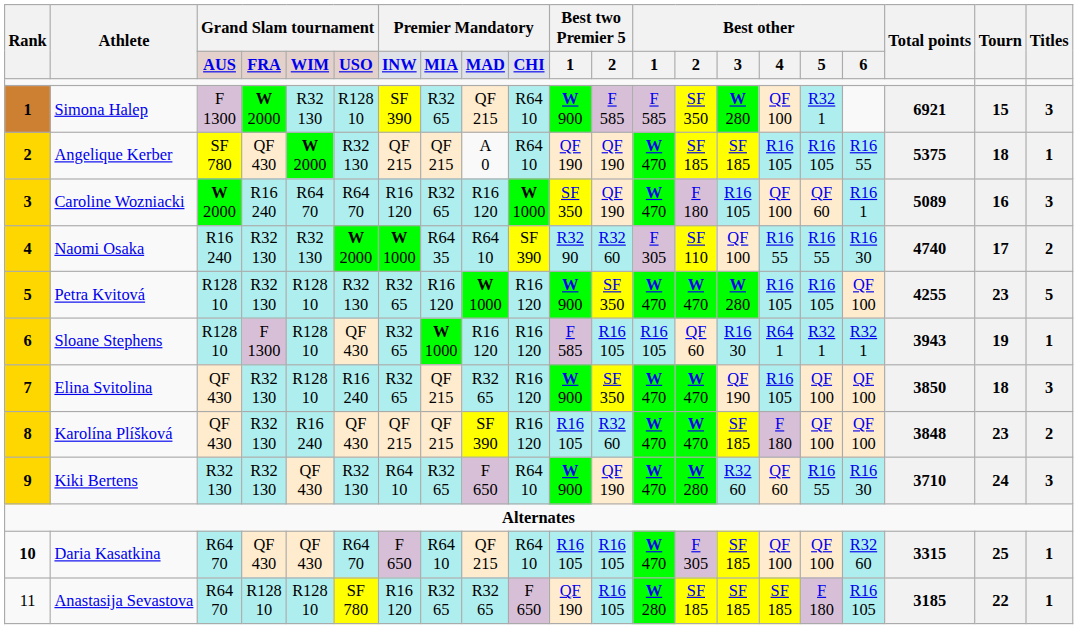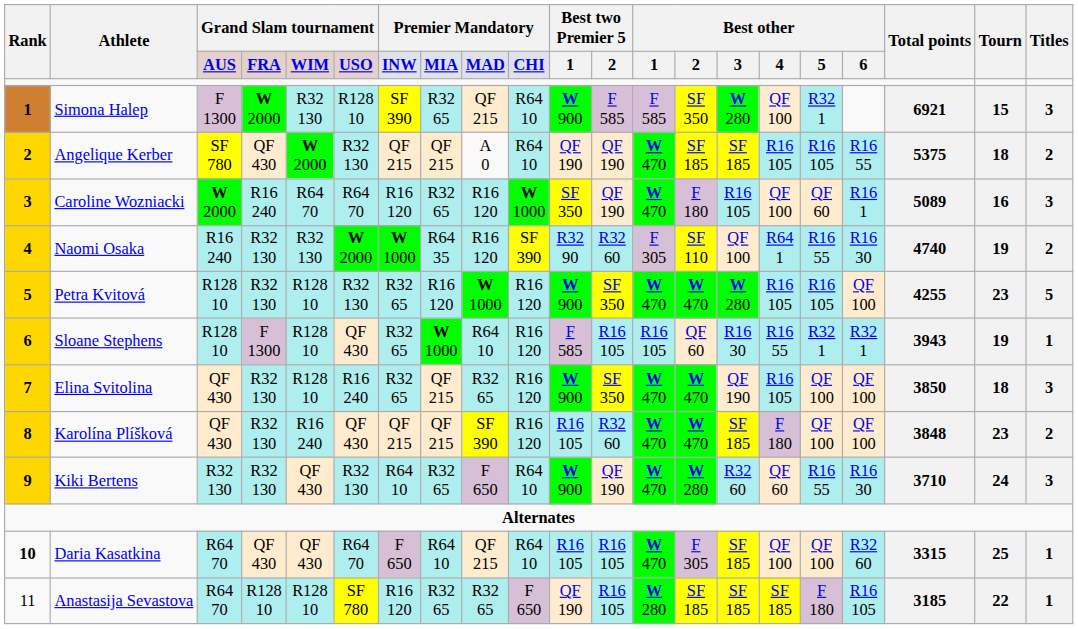 <table class=wikitable style=font-size:90%;text-align:center>
 <tr>
 <th rowspan=2>Rank</th>
 <th rowspan=2>Athlete</th>
 <th colspan=4>Grand Slam tournament</th>
 <th colspan=4>Premier Mandatory</th>
 <th colspan=2>Best two Premier 5</th>
 <th colspan="6">Best other</th>
 <th rowspan=2>Total points</th>
 <th rowspan=2>Tourn</th>
 <th rowspan=2>Titles</th>
 </tr>
 <tr>
 <td style="background:#e5d1cb;"><strong><a href='#'>AUS</a></strong></td>
 <td style="background:#e5d1cb;"><strong><a href='#'>FRA</a></strong></td>
 <td style="background:#e5d1cb;"><strong><a href='#'>WIM</a></strong></td>
 <td style="background:#e5d1cb;"><strong><a href='#'>USO</a></strong></td>
 <td style="background:#dfe2e9;"><strong><a href='#'>INW</a></strong></td>
 <td style="background:#dfe2e9;"><strong><a href='#'>MIA</a></strong></td>
 <td style="background:#dfe2e9;"><strong><a href='#'>MAD</a></strong></td>
 <td style="background:#dfe2e9;"><strong><a href='#'>CHI</a></strong></td>
 <th width=30>1</th>
 <th width=30>2</th>
 <th width=30>1</th>
 <th width=30>2</th>
 <th width=30>3</th>
 <th width=30>4</th>
 <th width=30>5</th>
 <th width=30>6</th>
 </tr>
 <tr>
 <td colspan="19"></td>
 <td></td>
 <td></td>
 </tr>
 <tr>
 <td style="background:#cd7f32;"><strong>1</strong></td>
 <td align="left"> <a href='#'>Simona Halep</a></td>
 <td style="background:thistle;">F<br>1300</td>
 <td bgcolor=lime><strong>W</strong><br>2000</td>
 <td bgcolor=afeeee>R32<br>130</td>
 <td bgcolor=afeeee>R128<br>10</td>
 <td style="background:yellow;">SF<br>390</td>
 <td bgcolor=afeeee>R32<br>65</td>
 <td bgcolor=ffebcd>QF<br>215</td>
 <td bgcolor=afeeee>R64<br>10</td>
 <td bgcolor=lime><strong><a href='#'>W</a></strong><br>900</td>
 <td style="background:thistle;"><a href='#'>F</a><br>585</td>
 <td style="background:thistle;"><a href='#'>F</a><br>585</td>
 <td style="background:yellow;"><a href='#'>SF</a><br>350</td>
 <td bgcolor=lime><strong><a href='#'>W</a></strong><br>280</td>
 <td bgcolor=ffebcd><a href='#'>QF</a><br>100</td>
 <td bgcolor=afeeee><a href='#'>R32</a><br>1</td>
 <td></td>
 <th>6921</th>
 <th>15</th>
 <th>3</th>
 </tr>
 <tr>
 <td bgcolor=gold><strong>2</strong></td>
 <td align="left"> <a href='#'>Angelique Kerber</a></td>
 <td style="background:yellow;">SF<br>780</td>
 <td bgcolor=ffebcd>QF<br>430</td>
 <td bgcolor=lime><strong>W</strong><br>2000</td>
 <td bgcolor=afeeee>R32<br>130</td>
 <td bgcolor=ffebcd>QF<br>215</td>
 <td bgcolor=ffebcd>QF<br>215</td>
 <td>A<br>0</td>
 <td bgcolor=afeeee>R64<br>10</td>
 <td bgcolor=ffebcd><a href='#'>QF</a><br>190</td>
 <td bgcolor=ffebcd><a href='#'>QF</a><br>190</td>
 <td bgcolor=lime><strong><a href='#'>W</a></strong><br>470</td>
 <td style="background:yellow;"><a href='#'>SF</a><br>185</td>
 <td style="background:yellow;"><a href='#'>SF</a><br>185</td>
 <td bgcolor=afeeee><a href='#'>R16</a><br>105</td>
 <td bgcolor=afeeee><a href='#'>R16</a><br>105</td>
 <td bgcolor=afeeee><a href='#'>R16</a><br>55</td>
 <th>5375</th>
 <th>18</th>
-<th>1</th>
+<th>2</th>
 </tr>
 <tr>
 <td bgcolor=gold><strong>3</strong></td>
 <td align="left"> <a href='#'>Caroline Wozniacki</a></td>
 <td bgcolor=lime><strong>W</strong><br>2000</td>
 <td bgcolor=afeeee>R16<br>240</td>
 <td bgcolor=afeeee>R64<br>70</td>
 <td bgcolor=afeeee>R64<br>70</td>
 <td bgcolor=afeeee>R16<br>120</td>
 <td bgcolor=afeeee>R32<br>65</td>
 <td bgcolor=afeeee>R16<br>120</td>
 <td bgcolor=lime><strong>W</strong><br>1000</td>
 <td style="background:yellow;"><a href='#'>SF</a><br>350</td>
 <td bgcolor=ffebcd><a href='#'>QF</a><br>190</td>
 <td bgcolor=lime><strong><a href='#'>W</a></strong><br>470</td>
 <td style="background:thistle;"><a href='#'>F</a><br>180</td>
 <td bgcolor=afeeee><a href='#'>R16</a><br>105</td>
 <td bgcolor=ffebcd><a href='#'>QF</a><br>100</td>
 <td bgcolor=ffebcd><a href='#'>QF</a><br>60</td>
 <td bgcolor=afeeee><a href='#'>R16</a><br>1</td>
 <th>5089</th>
 <th>16</th>
 <th>3</th>
 </tr>
 <tr>
 <td bgcolor=gold><strong>4</strong></td>
 <td align="left"> <a href='#'>Naomi Osaka</a></td>
 <td bgcolor=afeeee>R16<br>240</td>
 <td bgcolor=afeeee>R32<br>130</td>
 <td bgcolor=afeeee>R32<br>130</td>
 <td bgcolor=lime><strong>W</strong><br>2000</td>
 <td bgcolor=lime><strong>W</strong><br>1000</td>
 <td bgcolor=afeeee>R64<br>35</td>
-<td bgcolor=afeeee>R64<br>10</td>
+<td bgcolor=afeeee>R16<br>120</td>
 <td style="background:yellow;">SF<br>390</td>
 <td bgcolor=afeeee><a href='#'>R32</a><br>90</td>
 <td bgcolor=afeeee><a href='#'>R32</a><br>60</td>
 <td style="background:thistle;"><a href='#'>F</a><br>305</td>
 <td style="background:yellow;"><a href='#'>SF</a><br>110</td>
 <td bgcolor=ffebcd><a href='#'>QF</a><br>100</td>
-<td bgcolor=afeeee><a href='#'>R16</a><br>55</td>
+<td bgcolor=afeeee><a href='#'>R64</a><br>1</td>
 <td bgcolor=afeeee><a href='#'>R16</a><br>55</td>
 <td bgcolor=afeeee><a href='#'>R16</a><br>30</td>
 <th>4740</th>
-<th>17</th>
+<th>19</th>
 <th>2</th>
 </tr>
 <tr>
 <td bgcolor=gold><strong>5</strong></td>
 <td align="left"> <a href='#'>Petra Kvitová</a></td>
 <td bgcolor=afeeee>R128<br>10</td>
 <td bgcolor=afeeee>R32<br>130</td>
 <td bgcolor=afeeee>R128<br>10</td>
 <td bgcolor=afeeee>R32<br>130</td>
 <td bgcolor=afeeee>R32<br>65</td>
 <td bgcolor=afeeee>R16<br>120</td>
 <td bgcolor=lime><strong>W</strong><br>1000</td>
 <td bgcolor=afeeee>R16<br>120</td>
 <td bgcolor=lime><strong><a href='#'>W</a></strong><br>900</td>
 <td style="background:yellow;"><a href='#'>SF</a><br>350</td>
 <td bgcolor=lime><strong><a href='#'>W</a></strong><br>470</td>
 <td bgcolor=lime><strong><a href='#'>W</a></strong><br>470</td>
 <td bgcolor=lime><strong><a href='#'>W</a></strong><br>280</td>
 <td bgcolor=afeeee><a href='#'>R16</a><br>105</td>
 <td bgcolor=afeeee><a href='#'>R16</a><br>105</td>
 <td bgcolor=ffebcd><a href='#'>QF</a><br>100</td>
 <th>4255</th>
 <th>23</th>
 <th>5</th>
 </tr>
 <tr>
 <td bgcolor=gold><strong>6</strong></td>
 <td align="left"> <a href='#'>Sloane Stephens</a></td>
 <td bgcolor=afeeee>R128<br>10</td>
 <td style="background:thistle;">F<br>1300</td>
 <td bgcolor=afeeee>R128<br>10</td>
 <td bgcolor=ffebcd>QF<br>430</td>
 <td bgcolor=afeeee>R32<br>65</td>
 <td bgcolor=lime><strong>W</strong><br>1000</td>
-<td bgcolor=afeeee>R16<br>120</td>
+<td bgcolor=afeeee>R64<br>10</td>
 <td bgcolor=afeeee>R16<br>120</td>
 <td style="background:thistle;"><a href='#'>F</a><br>585</td>
 <td bgcolor=afeeee><a href='#'>R16</a><br>105</td>
 <td bgcolor=afeeee><a href='#'>R16</a><br>105</td>
 <td bgcolor=ffebcd><a href='#'>QF</a><br>60</td>
 <td bgcolor=afeeee><a href='#'>R16</a><br>30</td>
-<td bgcolor=afeeee><a href='#'>R64</a><br>1</td>
+<td bgcolor=afeeee><a href='#'>R16</a><br>55</td>
 <td bgcolor=afeeee><a href='#'>R32</a><br>1</td>
 <td bgcolor=afeeee><a href='#'>R32</a><br>1</td>
 <th>3943</th>
 <th>19</th>
 <th>1</th>
 </tr>
 <tr>
 <td bgcolor=gold><strong>7</strong></td>
 <td align="left"> <a href='#'>Elina Svitolina</a></td>
 <td bgcolor=ffebcd>QF<br>430</td>
 <td bgcolor=afeeee>R32<br>130</td>
 <td bgcolor=afeeee>R128<br>10</td>
 <td bgcolor=afeeee>R16<br>240</td>
 <td bgcolor=afeeee>R32<br>65</td>
 <td bgcolor=ffebcd>QF<br>215</td>
 <td bgcolor=afeeee>R32<br>65</td>
 <td bgcolor=afeeee>R16<br>120</td>
 <td bgcolor=lime><strong><a href='#'>W</a></strong><br>900</td>
 <td style="background:yellow;"><a href='#'>SF</a><br>350</td>
 <td bgcolor=lime><strong><a href='#'>W</a></strong><br>470</td>
 <td bgcolor=lime><strong><a href='#'>W</a></strong><br>470</td>
 <td bgcolor=ffebcd><a href='#'>QF</a><br>190</td>
 <td bgcolor=afeeee><a href='#'>R16</a><br>105</td>
 <td bgcolor=ffebcd><a href='#'>QF</a><br>100</td>
 <td bgcolor=ffebcd><a href='#'>QF</a><br>100</td>
 <th>3850</th>
 <th>18</th>
 <th>3</th>
 </tr>
 <tr>
 <td bgcolor=gold><strong>8</strong></td>
 <td style="text-align:left;"> <a href='#'>Karolína Plíšková</a></td>
 <td bgcolor=ffebcd>QF<br>430</td>
 <td bgcolor=afeeee>R32<br>130</td>
 <td bgcolor=afeeee>R16<br>240</td>
 <td bgcolor=ffebcd>QF<br>430</td>
 <td bgcolor=ffebcd>QF<br>215</td>
 <td bgcolor=ffebcd>QF<br>215</td>
 <td style="background:yellow;">SF<br>390</td>
 <td bgcolor=afeeee>R16<br>120</td>
 <td bgcolor=afeeee><a href='#'>R16</a><br>105</td>
 <td bgcolor=afeeee><a href='#'>R32</a><br>60</td>
 <td bgcolor=lime><strong><a href='#'>W</a></strong><br>470</td>
 <td bgcolor=lime><strong><a href='#'>W</a></strong><br>470</td>
 <td style="background:yellow;"><a href='#'>SF</a><br>185</td>
 <td bgcolor=thistle><a href='#'>F</a><br>180</td>
 <td bgcolor=ffebcd><a href='#'>QF</a><br>100</td>
 <td bgcolor=ffebcd><a href='#'>QF</a><br>100</td>
 <th>3848</th>
 <th>23</th>
 <th>2</th>
 </tr>
 <tr>
 <td bgcolor=gold><strong>9</strong></td>
 <td style="text-align:left;"> <a href='#'>Kiki Bertens</a></td>
 <td bgcolor=afeeee>R32<br>130</td>
 <td bgcolor=afeeee>R32<br>130</td>
 <td bgcolor=ffebcd>QF<br>430</td>
 <td bgcolor=afeeee>R32<br>130</td>
 <td bgcolor=afeeee>R64<br>10</td>
 <td bgcolor=afeeee>R32<br>65</td>
 <td style="background:thistle;">F<br>650</td>
 <td bgcolor=afeeee>R64<br>10</td>
 <td bgcolor=lime><strong><a href='#'>W</a></strong><br>900</td>
 <td bgcolor=ffebcd><a href='#'>QF</a><br>190</td>
 <td bgcolor=lime><strong><a href='#'>W</a></strong><br>470</td>
 <td bgcolor=lime><strong><a href='#'>W</a></strong><br>280</td>
 <td bgcolor=afeeee><a href='#'>R32</a><br>60</td>
 <td bgcolor=ffebcd><a href='#'>QF</a><br>60</td>
 <td bgcolor=afeeee><a href='#'>R16</a><br>55</td>
 <td bgcolor=afeeee><a href='#'>R16</a><br>30</td>
 <th>3710</th>
 <th>24</th>
 <th>3</th>
 </tr>
 <tr>
 <td colspan="21"><strong>Alternates</strong></td>
 </tr>
 <tr>
 <td><strong>10</strong></td>
 <td align="left"> <a href='#'>Daria Kasatkina</a></td>
 <td bgcolor=afeeee>R64<br>70</td>
 <td bgcolor=ffebcd>QF<br>430</td>
 <td bgcolor=ffebcd>QF<br>430</td>
 <td bgcolor=afeeee>R64<br>70</td>
 <td bgcolor=thistle>F<br>650</td>
 <td bgcolor=afeeee>R64<br>10</td>
 <td bgcolor=ffebcd>QF<br>215</td>
 <td bgcolor=afeeee>R64<br>10</td>
 <td bgcolor=afeeee><a href='#'>R16</a><br>105</td>
 <td bgcolor=afeeee><a href='#'>R16</a><br>105</td>
 <td bgcolor=lime><strong><a href='#'>W</a></strong><br>470</td>
 <td bgcolor=thistle><a href='#'>F</a><br>305</td>
 <td bgcolor=yellow><a href='#'>SF</a><br>185</td>
 <td bgcolor=ffebcd><a href='#'>QF</a><br>100</td>
 <td bgcolor=ffebcd><a href='#'>QF</a><br>100</td>
 <td bgcolor=afeeee><a href='#'>R32</a><br>60</td>
 <th>3315</th>
 <th>25</th>
 <th>1</th>
 </tr>
 <tr>
 <td>11</td>
 <td style="text-align:left;"> <a href='#'>Anastasija Sevastova</a></td>
 <td bgcolor=afeeee>R64<br>70</td>
 <td bgcolor=afeeee>R128<br>10</td>
 <td bgcolor=afeeee>R128<br>10</td>
 <td style="background:yellow;">SF<br>780</td>
 <td bgcolor=afeeee>R16<br>120</td>
 <td bgcolor=afeeee>R32<br>65</td>
 <td bgcolor=afeeee>R32<br>65</td>
 <td style="background:thistle;">F<br>650</td>
 <td bgcolor=ffebcd><a href='#'>QF</a><br>190</td>
 <td bgcolor=afeeee><a href='#'>R16</a><br>105</td>
 <td bgcolor=lime><strong><a href='#'>W</a></strong><br>280</td>
 <td bgcolor=yellow><a href='#'>SF</a><br>185</td>
 <td style="background:yellow;"><a href='#'>SF</a><br>185</td>
 <td style="background:yellow;"><a href='#'>SF</a><br>185</td>
 <td style="background:thistle;"><a href='#'>F</a><br>180</td>
 <td bgcolor=afeeee><a href='#'>R16</a><br>105</td>
 <th>3185</th>
 <th>22</th>
 <th>1</th>
 </tr>
 </table>
